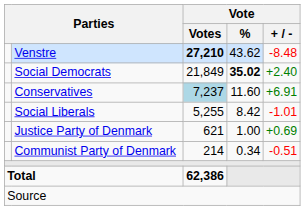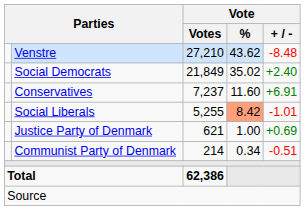 <table class="wikitable" style="text-align:right;">
 <tr>
 <th style="text-align:centre;" rowspan="2" colspan="2" width="225">Parties</th>
 <th colspan="3">Vote</th>
 </tr>
 <tr>
 <th width="15">Votes</th>
 <th width="15">%</th>
 <th width="15">+ / -</th>
 </tr>
 <tr>
 <td width="2" style="color:inherit;background:"></td>
 <td bgcolor=#cfe5fe  align="left"><a href='#'>Venstre</a></td>
-<td bgcolor=#cfe5fe><strong>27,210</strong></td>
+<td bgcolor=#cfe5fe>27,210</td>
 <td bgcolor=#cfe5fe>43.62</td>
 <td style=color:red;>-8.48</td>
 </tr>
 <tr>
 <td width="2" style="color:inherit;background:"></td>
 <td align="left"><a href='#'>Social Democrats</a></td>
 <td>21,849</td>
-<td><strong>35.02</strong></td>
+<td>35.02</td>
 <td style=color:green;>+2.40</td>
 </tr>
 <tr>
 <td width="2" style="color:inherit;background:"></td>
 <td align="left"><a href='#'>Conservatives</a></td>
-<td style="background: lightblue;">7,237</td>
+<td>7,237</td>
 <td>11.60</td>
 <td style=color:green;>+6.91</td>
 </tr>
 <tr>
 <td width="2" style="color:inherit;background:"></td>
 <td align="left"><a href='#'>Social Liberals</a></td>
 <td>5,255</td>
-<td>8.42</td>
+<td style="background: lightsalmon;">8.42</td>
 <td style=color:red;>-1.01</td>
 </tr>
 <tr>
 <td width="2" style="color:inherit;background:"></td>
 <td align="left"><a href='#'>Justice Party of Denmark</a></td>
 <td>621</td>
 <td>1.00</td>
 <td style=color:green;>+0.69</td>
 </tr>
 <tr>
 <td width="2" style="color:inherit;background:"></td>
 <td align="left"><a href='#'>Communist Party of Denmark</a></td>
 <td>214</td>
 <td>0.34</td>
 <td style=color:red;>-0.51</td>
 </tr>
 <tr>
 <td colspan="7" bgcolor="#E9E9E9"></td>
 </tr>
 <tr>
 <td align="left" colspan="2"><strong>Total</strong></td>
 <td><strong>62,386</strong></td>
 <td bgcolor="#E9E9E9" colspan="2"></td>
 </tr>
 <tr>
 <td align="left" colspan="6">Source</td>
 </tr>
 </table>
